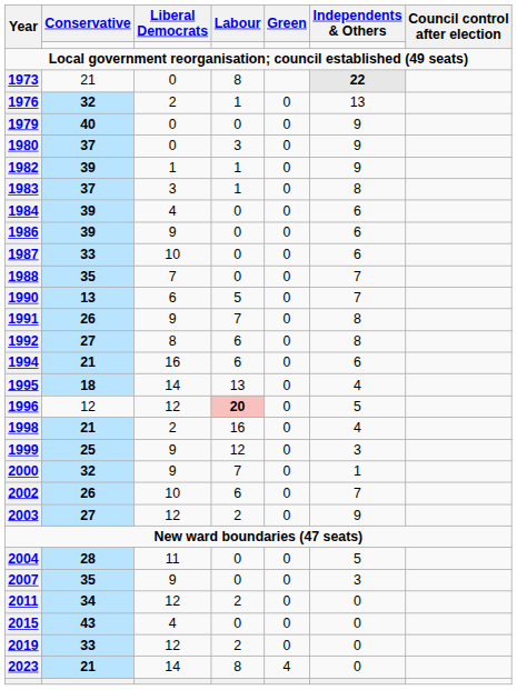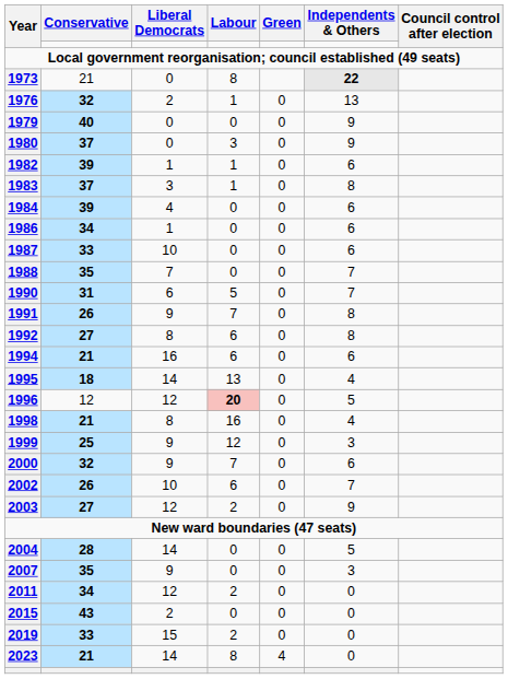 <table class="wikitable plainrowheaders" style="text-align:center">
 <tr>
 <th scope="col" rowspan="2">Year</th>
 <th scope="col"><a href='#'>Conservative</a></th>
 <th scope="col" style="width:1px"><a href='#'>Liberal Democrats</a></th>
 <th scope="col"><a href='#'>Labour</a></th>
 <th scope="col"><a href='#'>Green</a></th>
 <th scope="col"><a href='#'>Independents</a><br>& Others</th>
 <th scope="col" rowspan="2" colspan="2">Council control<br>after election</th>
 </tr>
 <tr>
 <td style="background:"></td>
 <td style="background:"></td>
 <td style="background:"></td>
 <td style="background:"></td>
 <td style="background:"></td>
 </tr>
 <tr>
 <td colspan="9"><strong>Local government reorganisation; council established (49 seats)</strong></td>
 </tr>
 <tr>
 <th scope="row"><a href='#'>1973</a></th>
 <td>21</td>
 <td>0</td>
 <td>8</td>
 <td></td>
 <td style="background:#E7E7E7;"><strong>22</strong></td>
 <td></td>
 </tr>
 <tr>
 <th scope="row"><a href='#'>1976</a></th>
 <td style="background:#B9E4FF;"><strong>32</strong></td>
 <td>2</td>
 <td>1</td>
 <td>0</td>
 <td>13</td>
 <td></td>
 </tr>
 <tr>
 <th scope="row"><a href='#'>1979</a></th>
 <td style="background:#B9E4FF;"><strong>40</strong></td>
 <td>0</td>
 <td>0</td>
 <td>0</td>
 <td>9</td>
 <td></td>
 </tr>
 <tr>
 <th scope="row"><a href='#'>1980</a></th>
 <td style="background:#B9E4FF;"><strong>37</strong></td>
 <td>0</td>
 <td>3</td>
 <td>0</td>
 <td>9</td>
 <td></td>
 </tr>
 <tr>
 <th scope="row"><a href='#'>1982</a></th>
 <td style="background:#B9E4FF;"><strong>39</strong></td>
 <td>1</td>
 <td>1</td>
 <td>0</td>
-<td>9</td>
+<td>6</td>
 <td></td>
 </tr>
 <tr>
 <th scope="row"><a href='#'>1983</a></th>
 <td style="background:#B9E4FF;"><strong>37</strong></td>
 <td>3</td>
 <td>1</td>
 <td>0</td>
 <td>8</td>
 <td></td>
 </tr>
 <tr>
 <th scope="row"><a href='#'>1984</a></th>
 <td style="background:#B9E4FF;"><strong>39</strong></td>
 <td>4</td>
 <td>0</td>
 <td>0</td>
 <td>6</td>
 <td></td>
 </tr>
 <tr>
 <th scope="row"><a href='#'>1986</a></th>
-<td style="background:#B9E4FF;"><strong>39</strong></td>
-<td>9</td>
+<td style="background:#B9E4FF;"><strong>34</strong></td>
+<td>1</td>
 <td>0</td>
 <td>0</td>
 <td>6</td>
 <td></td>
 </tr>
 <tr>
 <th scope="row"><a href='#'>1987</a></th>
 <td style="background:#B9E4FF;"><strong>33</strong></td>
 <td>10</td>
 <td>0</td>
 <td>0</td>
 <td>6</td>
 <td></td>
 </tr>
 <tr>
 <th scope="row"><a href='#'>1988</a></th>
 <td style="background:#B9E4FF;"><strong>35</strong></td>
 <td>7</td>
 <td>0</td>
 <td>0</td>
 <td>7</td>
 <td></td>
 </tr>
 <tr>
 <th scope="row"><a href='#'>1990</a></th>
-<td style="background:#B9E4FF;"><strong>13</strong></td>
+<td style="background:#B9E4FF;"><strong>31</strong></td>
 <td>6</td>
 <td>5</td>
 <td>0</td>
 <td>7</td>
 <td></td>
 </tr>
 <tr>
 <th scope="row"><a href='#'>1991</a></th>
 <td style="background:#B9E4FF;"><strong>26</strong></td>
 <td>9</td>
 <td>7</td>
 <td>0</td>
 <td>8</td>
 <td></td>
 </tr>
 <tr>
 <th scope="row"><a href='#'>1992</a></th>
 <td style="background:#B9E4FF;"><strong>27</strong></td>
 <td>8</td>
 <td>6</td>
 <td>0</td>
 <td>8</td>
 <td></td>
 </tr>
 <tr>
 <th scope="row"><a href='#'>1994</a></th>
 <td style="background:#B9E4FF;"><strong>21</strong></td>
 <td>16</td>
 <td>6</td>
 <td>0</td>
 <td>6</td>
 <td></td>
 </tr>
 <tr>
 <th scope="row"><a href='#'>1995</a></th>
 <td style="background:#B9E4FF;"><strong>18</strong></td>
 <td>14</td>
 <td>13</td>
 <td>0</td>
 <td>4</td>
 <td></td>
 </tr>
 <tr>
 <th scope="row"><a href='#'>1996</a></th>
 <td>12</td>
 <td>12</td>
 <td style="background:#F8C1BE;"><strong>20</strong></td>
 <td>0</td>
 <td>5</td>
 <td></td>
 </tr>
 <tr>
 <th scope="row"><a href='#'>1998</a></th>
 <td style="background:#B9E4FF;"><strong>21</strong></td>
-<td>2</td>
+<td>8</td>
 <td>16</td>
 <td>0</td>
 <td>4</td>
 <td></td>
 </tr>
 <tr>
 <th scope="row"><a href='#'>1999</a></th>
 <td style="background:#B9E4FF;"><strong>25</strong></td>
 <td>9</td>
 <td>12</td>
 <td>0</td>
 <td>3</td>
 <td></td>
 </tr>
 <tr>
 <th scope="row"><a href='#'>2000</a></th>
 <td style="background:#B9E4FF;"><strong>32</strong></td>
 <td>9</td>
 <td>7</td>
 <td>0</td>
-<td>1</td>
+<td>6</td>
 <td></td>
 </tr>
 <tr>
 <th scope="row"><a href='#'>2002</a></th>
 <td style="background:#B9E4FF;"><strong>26</strong></td>
 <td>10</td>
 <td>6</td>
 <td>0</td>
 <td>7</td>
 <td></td>
 </tr>
 <tr>
 <th scope="row"><a href='#'>2003</a></th>
 <td style="background:#B9E4FF;"><strong>27</strong></td>
 <td>12</td>
 <td>2</td>
 <td>0</td>
 <td>9</td>
 <td></td>
 </tr>
 <tr>
 <td colspan="9"><strong>New ward boundaries (47 seats)</strong></td>
 </tr>
 <tr>
 <th scope="row"><a href='#'>2004</a></th>
 <td style="background:#B9E4FF;"><strong>28</strong></td>
-<td>11</td>
+<td>14</td>
 <td>0</td>
 <td>0</td>
 <td>5</td>
 <td></td>
 </tr>
 <tr>
 <th scope="row"><a href='#'>2007</a></th>
 <td style="background:#B9E4FF;"><strong>35</strong></td>
 <td>9</td>
 <td>0</td>
 <td>0</td>
 <td>3</td>
 <td></td>
 </tr>
 <tr>
 <th scope="row"><a href='#'>2011</a></th>
 <td style="background:#B9E4FF;"><strong>34</strong></td>
 <td>12</td>
 <td>2</td>
 <td>0</td>
 <td>0</td>
 <td></td>
 </tr>
 <tr>
 <th scope="row"><a href='#'>2015</a></th>
 <td style="background:#B9E4FF;"><strong>43</strong></td>
-<td>4</td>
+<td>2</td>
 <td>0</td>
 <td>0</td>
 <td>0</td>
 <td></td>
 </tr>
 <tr>
 <th scope="row"><a href='#'>2019</a></th>
 <td style="background:#B9E4FF;"><strong>33</strong></td>
-<td>12</td>
+<td>15</td>
 <td>2</td>
 <td>0</td>
 <td>0</td>
 <td></td>
 </tr>
 <tr>
 <th scope="row"><a href='#'>2023</a></th>
 <td style="background:#B9E4FF;"><strong>21</strong></td>
 <td>14</td>
 <td>8</td>
 <td>4</td>
 <td>0</td>
 <td></td>
 </tr>
 <tr>
 <th></th>
 <th style="background-color: "></th>
 <th style="background-color: "></th>
 <th style="background-color: "></th>
 <th style="background-color: "></th>
 <th style="background-color: "></th>
 </tr>
 </table>
